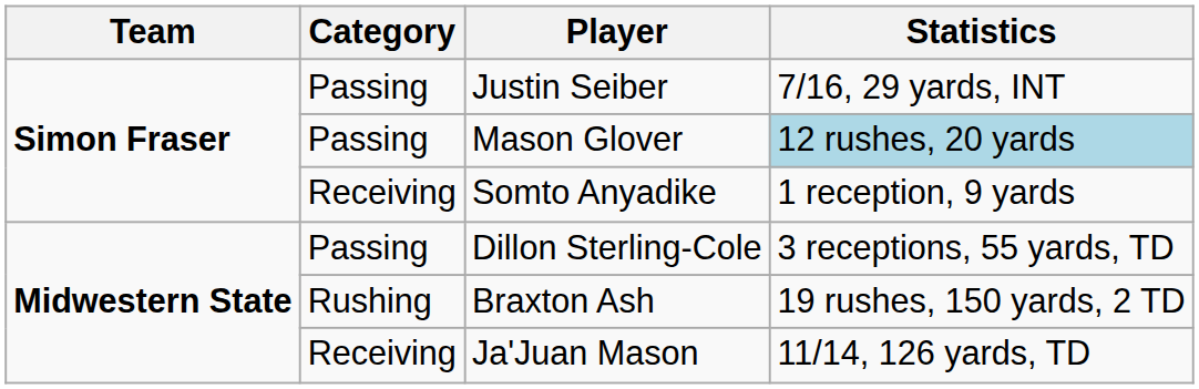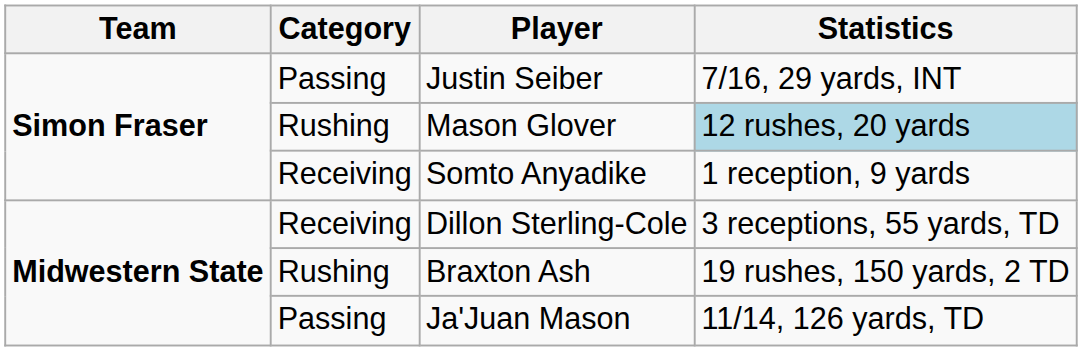 <table class="wikitable" style="float: right;">
 <tr>
 <th>Team</th>
 <th>Category</th>
 <th>Player</th>
 <th>Statistics</th>
 </tr>
 <tr>
 <td rowspan=3><strong>Simon Fraser</strong></td>
 <td>Passing</td>
 <td>Justin Seiber</td>
 <td>7/16, 29 yards, INT</td>
 </tr>
 <tr>
-<td>Passing</td>
+<td>Rushing</td>
 <td>Mason Glover</td>
 <td style="background: lightblue;">12 rushes, 20 yards</td>
 </tr>
 <tr>
 <td>Receiving</td>
 <td>Somto Anyadike</td>
 <td>1 reception, 9 yards</td>
 </tr>
 <tr>
 <td rowspan=3><strong>Midwestern State</strong></td>
-<td>Passing</td>
+<td>Receiving</td>
 <td>Dillon Sterling-Cole</td>
 <td>3 receptions, 55 yards, TD</td>
 </tr>
 <tr>
 <td>Rushing</td>
 <td>Braxton Ash</td>
 <td>19 rushes, 150 yards, 2 TD</td>
 </tr>
 <tr>
-<td>Receiving</td>
+<td>Passing</td>
 <td>Ja'Juan Mason</td>
 <td>11/14, 126 yards, TD</td>
 </tr>
 </table>
